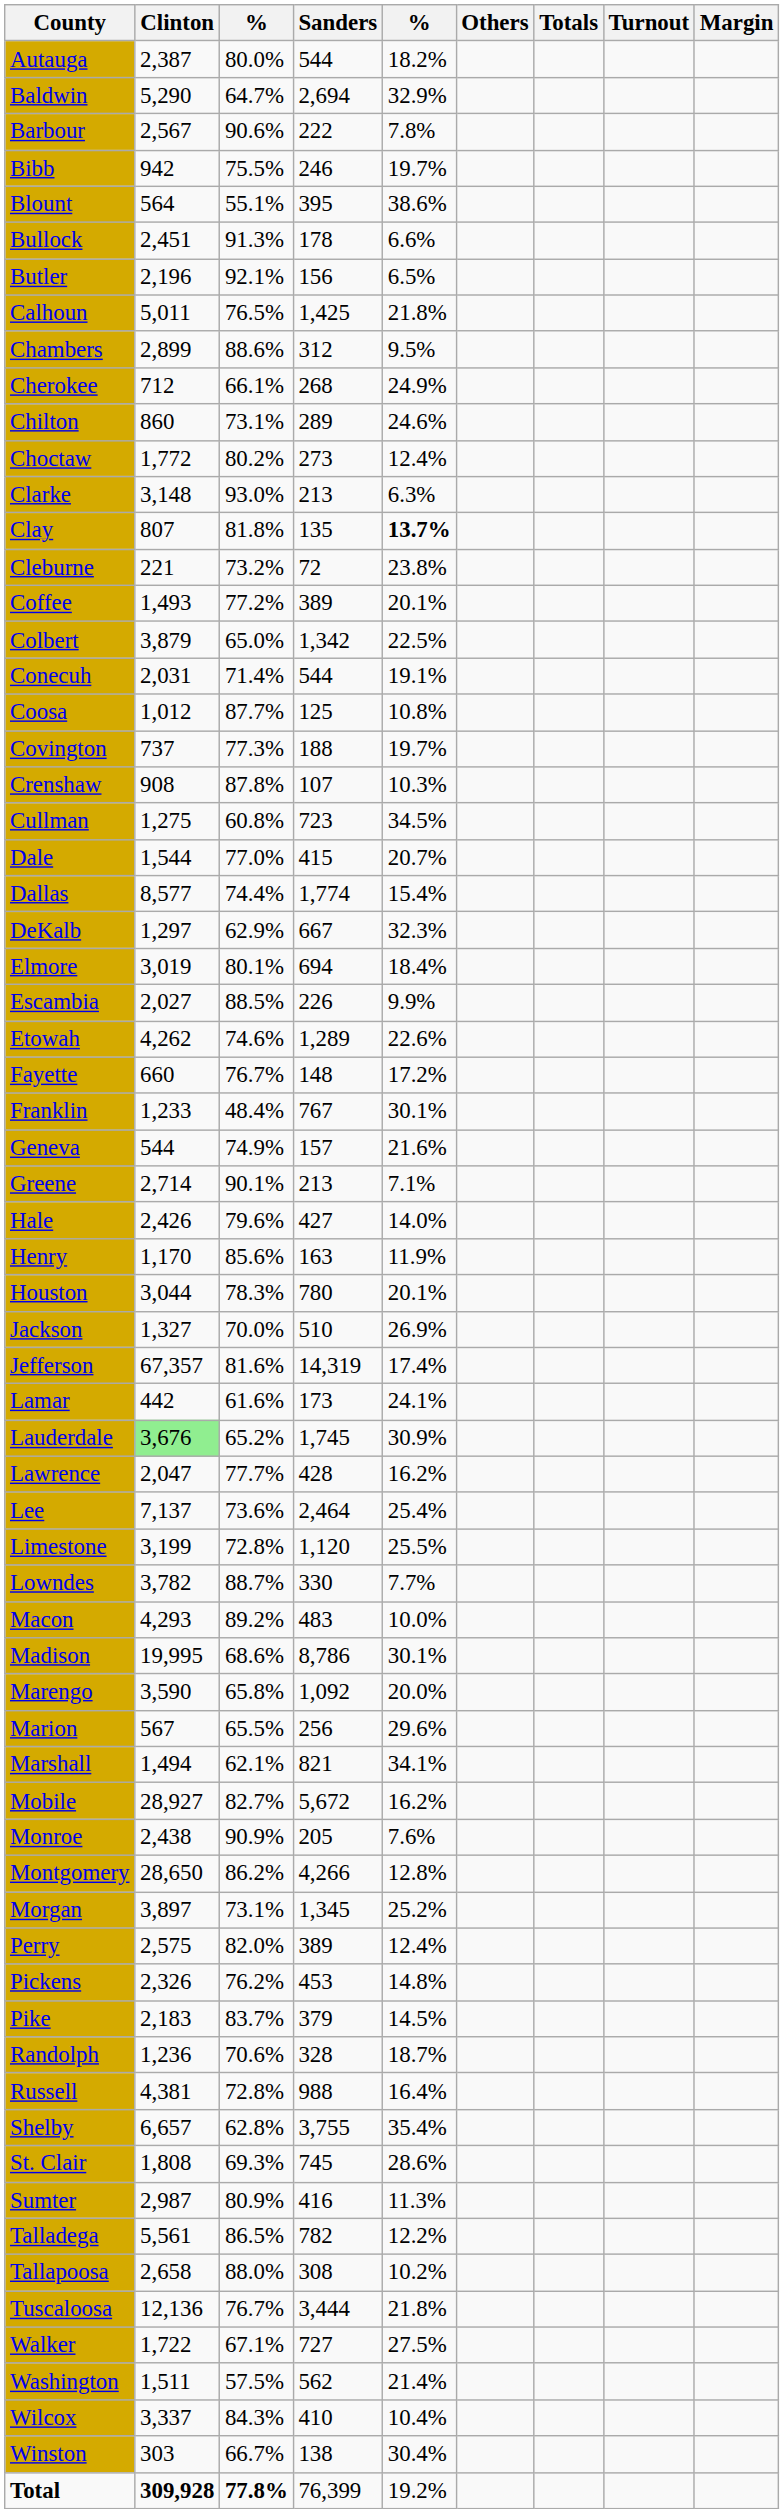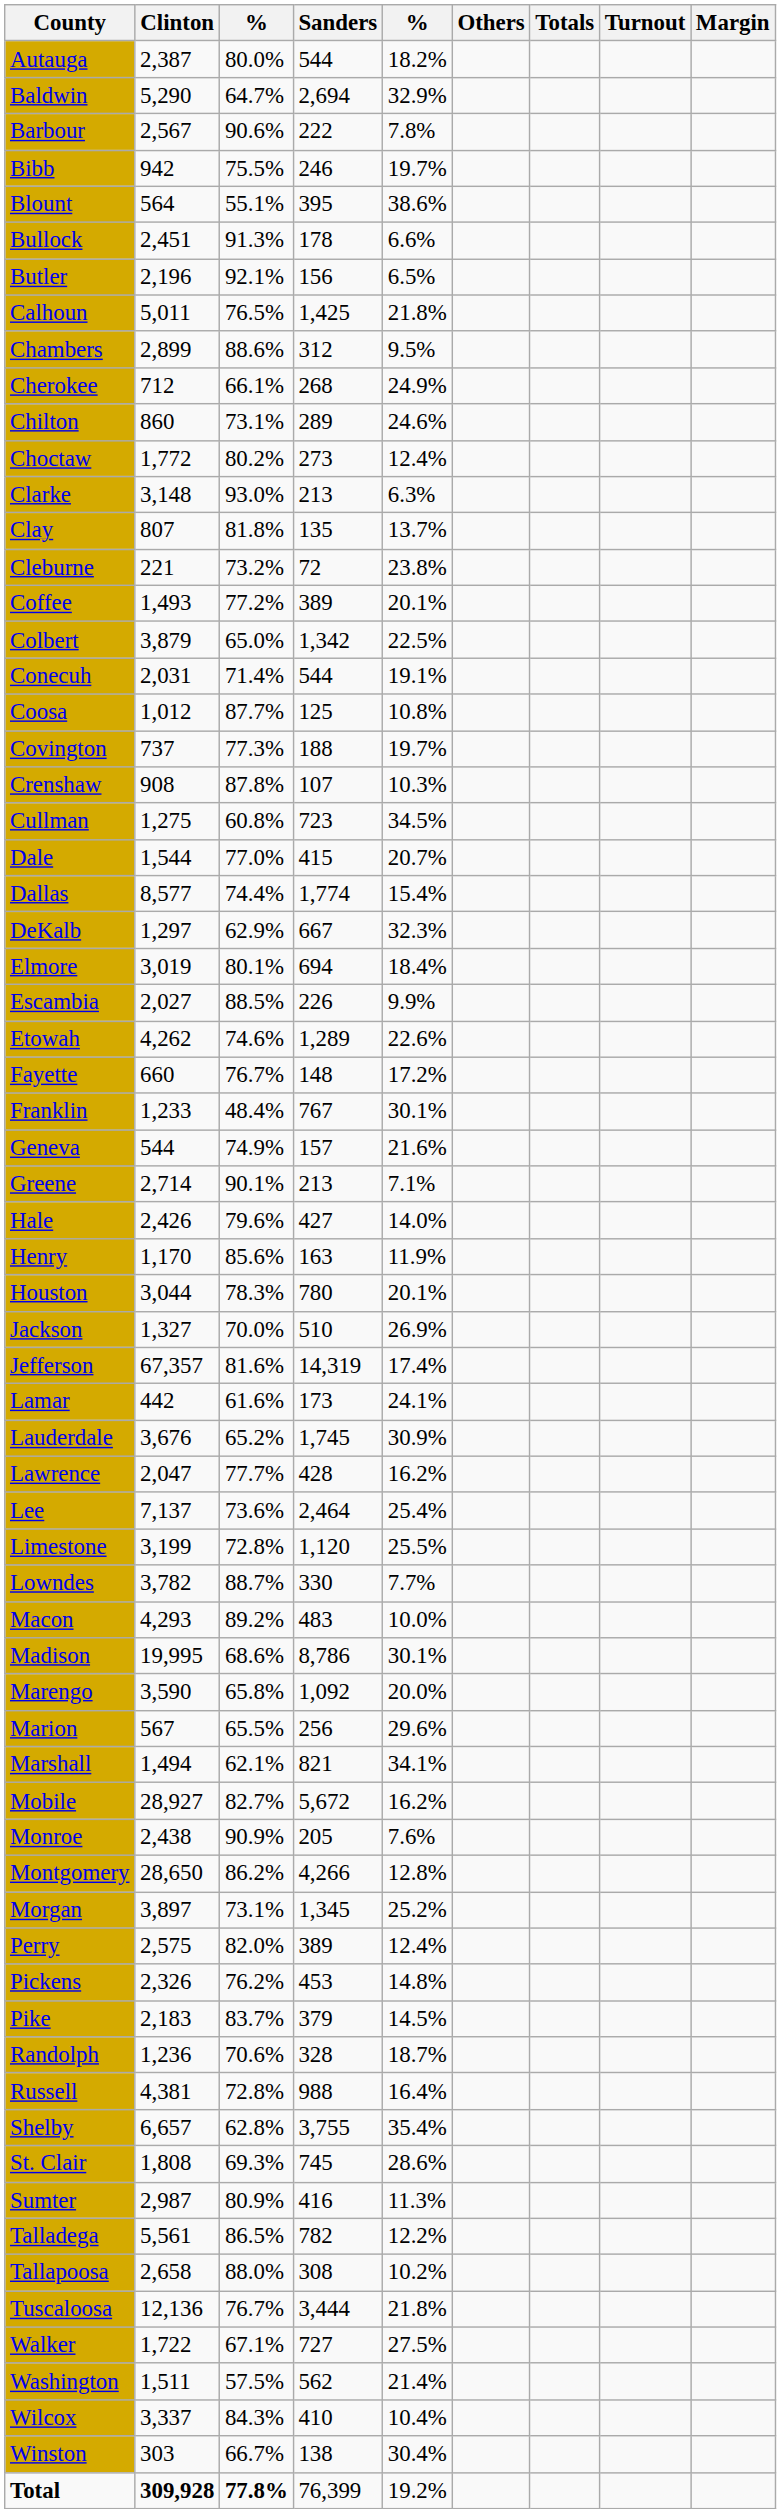 <table width="60%" class="wikitable sortable">
 <tr>
 <th width="11%">County</th>
 <th width="10%">Clinton</th>
 <th width="10%">%</th>
 <th width="10%">Sanders</th>
 <th width="10%">%</th>
 <th>Others</th>
 <th>Totals</th>
 <th>Turnout</th>
 <th>Margin</th>
 </tr>
 <tr>
 <td style="background:#D4AA00;"><a href='#'>Autauga</a></td>
 <td>2,387</td>
 <td>80.0%</td>
 <td>544</td>
 <td>18.2%</td>
 <td></td>
 <td></td>
 <td></td>
 <td></td>
 </tr>
 <tr>
 <td style="background:#D4AA00;"><a href='#'>Baldwin</a></td>
 <td>5,290</td>
 <td>64.7%</td>
 <td>2,694</td>
 <td>32.9%</td>
 <td></td>
 <td></td>
 <td></td>
 <td></td>
 </tr>
 <tr>
 <td style="background:#D4AA00;"><a href='#'>Barbour</a></td>
 <td>2,567</td>
 <td>90.6%</td>
 <td>222</td>
 <td>7.8%</td>
 <td></td>
 <td></td>
 <td></td>
 <td></td>
 </tr>
 <tr>
 <td style="background:#D4AA00;"><a href='#'>Bibb</a></td>
 <td>942</td>
 <td>75.5%</td>
 <td>246</td>
 <td>19.7%</td>
 <td></td>
 <td></td>
 <td></td>
 <td></td>
 </tr>
 <tr>
 <td style="background:#D4AA00;"><a href='#'>Blount</a></td>
 <td>564</td>
 <td>55.1%</td>
 <td>395</td>
 <td>38.6%</td>
 <td></td>
 <td></td>
 <td></td>
 <td></td>
 </tr>
 <tr>
 <td style="background:#D4AA00;"><a href='#'>Bullock</a></td>
 <td>2,451</td>
 <td>91.3%</td>
 <td>178</td>
 <td>6.6%</td>
 <td></td>
 <td></td>
 <td></td>
 <td></td>
 </tr>
 <tr>
 <td style="background:#D4AA00;"><a href='#'>Butler</a></td>
 <td>2,196</td>
 <td>92.1%</td>
 <td>156</td>
 <td>6.5%</td>
 <td></td>
 <td></td>
 <td></td>
 <td></td>
 </tr>
 <tr>
 <td style="background:#D4AA00;"><a href='#'>Calhoun</a></td>
 <td>5,011</td>
 <td>76.5%</td>
 <td>1,425</td>
 <td>21.8%</td>
 <td></td>
 <td></td>
 <td></td>
 <td></td>
 </tr>
 <tr>
 <td style="background:#D4AA00;"><a href='#'>Chambers</a></td>
 <td>2,899</td>
 <td>88.6%</td>
 <td>312</td>
 <td>9.5%</td>
 <td></td>
 <td></td>
 <td></td>
 <td></td>
 </tr>
 <tr>
 <td style="background:#D4AA00;"><a href='#'>Cherokee</a></td>
 <td>712</td>
 <td>66.1%</td>
 <td>268</td>
 <td>24.9%</td>
 <td></td>
 <td></td>
 <td></td>
 <td></td>
 </tr>
 <tr>
 <td style="background:#D4AA00;"><a href='#'>Chilton</a></td>
 <td>860</td>
 <td>73.1%</td>
 <td>289</td>
 <td>24.6%</td>
 <td></td>
 <td></td>
 <td></td>
 <td></td>
 </tr>
 <tr>
 <td style="background:#D4AA00;"><a href='#'>Choctaw</a></td>
 <td>1,772</td>
 <td>80.2%</td>
 <td>273</td>
 <td>12.4%</td>
 <td></td>
 <td></td>
 <td></td>
 <td></td>
 </tr>
 <tr>
 <td style="background:#D4AA00;"><a href='#'>Clarke</a></td>
 <td>3,148</td>
 <td>93.0%</td>
 <td>213</td>
 <td>6.3%</td>
 <td></td>
 <td></td>
 <td></td>
 <td></td>
 </tr>
 <tr>
 <td style="background:#D4AA00;"><a href='#'>Clay</a></td>
 <td>807</td>
 <td>81.8%</td>
 <td>135</td>
-<td><strong>13.7%</strong></td>
+<td>13.7%</td>
 <td></td>
 <td></td>
 <td></td>
 <td></td>
 </tr>
 <tr>
 <td style="background:#D4AA00;"><a href='#'>Cleburne</a></td>
 <td>221</td>
 <td>73.2%</td>
 <td>72</td>
 <td>23.8%</td>
 <td></td>
 <td></td>
 <td></td>
 <td></td>
 </tr>
 <tr>
 <td style="background:#D4AA00;"><a href='#'>Coffee</a></td>
 <td>1,493</td>
 <td>77.2%</td>
 <td>389</td>
 <td>20.1%</td>
 <td></td>
 <td></td>
 <td></td>
 <td></td>
 </tr>
 <tr>
 <td style="background:#D4AA00;"><a href='#'>Colbert</a></td>
 <td>3,879</td>
 <td>65.0%</td>
 <td>1,342</td>
 <td>22.5%</td>
 <td></td>
 <td></td>
 <td></td>
 <td></td>
 </tr>
 <tr>
 <td style="background:#D4AA00;"><a href='#'>Conecuh</a></td>
 <td>2,031</td>
 <td>71.4%</td>
 <td>544</td>
 <td>19.1%</td>
 <td></td>
 <td></td>
 <td></td>
 <td></td>
 </tr>
 <tr>
 <td style="background:#D4AA00;"><a href='#'>Coosa</a></td>
 <td>1,012</td>
 <td>87.7%</td>
 <td>125</td>
 <td>10.8%</td>
 <td></td>
 <td></td>
 <td></td>
 <td></td>
 </tr>
 <tr>
 <td style="background:#D4AA00;"><a href='#'>Covington</a></td>
 <td>737</td>
 <td>77.3%</td>
 <td>188</td>
 <td>19.7%</td>
 <td></td>
 <td></td>
 <td></td>
 <td></td>
 </tr>
 <tr>
 <td style="background:#D4AA00;"><a href='#'>Crenshaw</a></td>
 <td>908</td>
 <td>87.8%</td>
 <td>107</td>
 <td>10.3%</td>
 <td></td>
 <td></td>
 <td></td>
 <td></td>
 </tr>
 <tr>
 <td style="background:#D4AA00;"><a href='#'>Cullman</a></td>
 <td>1,275</td>
 <td>60.8%</td>
 <td>723</td>
 <td>34.5%</td>
 <td></td>
 <td></td>
 <td></td>
 <td></td>
 </tr>
 <tr>
 <td style="background:#D4AA00;"><a href='#'>Dale</a></td>
 <td>1,544</td>
 <td>77.0%</td>
 <td>415</td>
 <td>20.7%</td>
 <td></td>
 <td></td>
 <td></td>
 <td></td>
 </tr>
 <tr>
 <td style="background:#D4AA00;"><a href='#'>Dallas</a></td>
 <td>8,577</td>
 <td>74.4%</td>
 <td>1,774</td>
 <td>15.4%</td>
 <td></td>
 <td></td>
 <td></td>
 <td></td>
 </tr>
 <tr>
 <td style="background:#D4AA00;"><a href='#'>DeKalb</a></td>
 <td>1,297</td>
 <td>62.9%</td>
 <td>667</td>
 <td>32.3%</td>
 <td></td>
 <td></td>
 <td></td>
 <td></td>
 </tr>
 <tr>
 <td style="background:#D4AA00;"><a href='#'>Elmore</a></td>
 <td>3,019</td>
 <td>80.1%</td>
 <td>694</td>
 <td>18.4%</td>
 <td></td>
 <td></td>
 <td></td>
 <td></td>
 </tr>
 <tr>
 <td style="background:#D4AA00;"><a href='#'>Escambia</a></td>
 <td>2,027</td>
 <td>88.5%</td>
 <td>226</td>
 <td>9.9%</td>
 <td></td>
 <td></td>
 <td></td>
 <td></td>
 </tr>
 <tr>
 <td style="background:#D4AA00;"><a href='#'>Etowah</a></td>
 <td>4,262</td>
 <td>74.6%</td>
 <td>1,289</td>
 <td>22.6%</td>
 <td></td>
 <td></td>
 <td></td>
 <td></td>
 </tr>
 <tr>
 <td style="background:#D4AA00;"><a href='#'>Fayette</a></td>
 <td>660</td>
 <td>76.7%</td>
 <td>148</td>
 <td>17.2%</td>
 <td></td>
 <td></td>
 <td></td>
 <td></td>
 </tr>
 <tr>
 <td style="background:#D4AA00;"><a href='#'>Franklin</a></td>
 <td>1,233</td>
 <td>48.4%</td>
 <td>767</td>
 <td>30.1%</td>
 <td></td>
 <td></td>
 <td></td>
 <td></td>
 </tr>
 <tr>
 <td style="background:#D4AA00;"><a href='#'>Geneva</a></td>
 <td>544</td>
 <td>74.9%</td>
 <td>157</td>
 <td>21.6%</td>
 <td></td>
 <td></td>
 <td></td>
 <td></td>
 </tr>
 <tr>
 <td style="background:#D4AA00;"><a href='#'>Greene</a></td>
 <td>2,714</td>
 <td>90.1%</td>
 <td>213</td>
 <td>7.1%</td>
 <td></td>
 <td></td>
 <td></td>
 <td></td>
 </tr>
 <tr>
 <td style="background:#D4AA00;"><a href='#'>Hale</a></td>
 <td>2,426</td>
 <td>79.6%</td>
 <td>427</td>
 <td>14.0%</td>
 <td></td>
 <td></td>
 <td></td>
 <td></td>
 </tr>
 <tr>
 <td style="background:#D4AA00;"><a href='#'>Henry</a></td>
 <td>1,170</td>
 <td>85.6%</td>
 <td>163</td>
 <td>11.9%</td>
 <td></td>
 <td></td>
 <td></td>
 <td></td>
 </tr>
 <tr>
 <td style="background:#D4AA00;"><a href='#'>Houston</a></td>
 <td>3,044</td>
 <td>78.3%</td>
 <td>780</td>
 <td>20.1%</td>
 <td></td>
 <td></td>
 <td></td>
 <td></td>
 </tr>
 <tr>
 <td style="background:#D4AA00;"><a href='#'>Jackson</a></td>
 <td>1,327</td>
 <td>70.0%</td>
 <td>510</td>
 <td>26.9%</td>
 <td></td>
 <td></td>
 <td></td>
 <td></td>
 </tr>
 <tr>
 <td style="background:#D4AA00;"><a href='#'>Jefferson</a></td>
 <td>67,357</td>
 <td>81.6%</td>
 <td>14,319</td>
 <td>17.4%</td>
 <td></td>
 <td></td>
 <td></td>
 <td></td>
 </tr>
 <tr>
 <td style="background:#D4AA00;"><a href='#'>Lamar</a></td>
 <td>442</td>
 <td>61.6%</td>
 <td>173</td>
 <td>24.1%</td>
 <td></td>
 <td></td>
 <td></td>
 <td></td>
 </tr>
 <tr>
 <td style="background:#D4AA00;"><a href='#'>Lauderdale</a></td>
-<td style="background: lightgreen;">3,676</td>
+<td>3,676</td>
 <td>65.2%</td>
 <td>1,745</td>
 <td>30.9%</td>
 <td></td>
 <td></td>
 <td></td>
 <td></td>
 </tr>
 <tr>
 <td style="background:#D4AA00;"><a href='#'>Lawrence</a></td>
 <td>2,047</td>
 <td>77.7%</td>
 <td>428</td>
 <td>16.2%</td>
 <td></td>
 <td></td>
 <td></td>
 <td></td>
 </tr>
 <tr>
 <td style="background:#D4AA00;"><a href='#'>Lee</a></td>
 <td>7,137</td>
 <td>73.6%</td>
 <td>2,464</td>
 <td>25.4%</td>
 <td></td>
 <td></td>
 <td></td>
 <td></td>
 </tr>
 <tr>
 <td style="background:#D4AA00;"><a href='#'>Limestone</a></td>
 <td>3,199</td>
 <td>72.8%</td>
 <td>1,120</td>
 <td>25.5%</td>
 <td></td>
 <td></td>
 <td></td>
 <td></td>
 </tr>
 <tr>
 <td style="background:#D4AA00;"><a href='#'>Lowndes</a></td>
 <td>3,782</td>
 <td>88.7%</td>
 <td>330</td>
 <td>7.7%</td>
 <td></td>
 <td></td>
 <td></td>
 <td></td>
 </tr>
 <tr>
 <td style="background:#D4AA00;"><a href='#'>Macon</a></td>
 <td>4,293</td>
 <td>89.2%</td>
 <td>483</td>
 <td>10.0%</td>
 <td></td>
 <td></td>
 <td></td>
 <td></td>
 </tr>
 <tr>
 <td style="background:#D4AA00;"><a href='#'>Madison</a></td>
 <td>19,995</td>
 <td>68.6%</td>
 <td>8,786</td>
 <td>30.1%</td>
 <td></td>
 <td></td>
 <td></td>
 <td></td>
 </tr>
 <tr>
 <td style="background:#D4AA00;"><a href='#'>Marengo</a></td>
 <td>3,590</td>
 <td>65.8%</td>
 <td>1,092</td>
 <td>20.0%</td>
 <td></td>
 <td></td>
 <td></td>
 <td></td>
 </tr>
 <tr>
 <td style="background:#D4AA00;"><a href='#'>Marion</a></td>
 <td>567</td>
 <td>65.5%</td>
 <td>256</td>
 <td>29.6%</td>
 <td></td>
 <td></td>
 <td></td>
 <td></td>
 </tr>
 <tr>
 <td style="background:#D4AA00;"><a href='#'>Marshall</a></td>
 <td>1,494</td>
 <td>62.1%</td>
 <td>821</td>
 <td>34.1%</td>
 <td></td>
 <td></td>
 <td></td>
 <td></td>
 </tr>
 <tr>
 <td style="background:#D4AA00;"><a href='#'>Mobile</a></td>
 <td>28,927</td>
 <td>82.7%</td>
 <td>5,672</td>
 <td>16.2%</td>
 <td></td>
 <td></td>
 <td></td>
 <td></td>
 </tr>
 <tr>
 <td style="background:#D4AA00;"><a href='#'>Monroe</a></td>
 <td>2,438</td>
 <td>90.9%</td>
 <td>205</td>
 <td>7.6%</td>
 <td></td>
 <td></td>
 <td></td>
 <td></td>
 </tr>
 <tr>
 <td style="background:#D4AA00;"><a href='#'>Montgomery</a></td>
 <td>28,650</td>
 <td>86.2%</td>
 <td>4,266</td>
 <td>12.8%</td>
 <td></td>
 <td></td>
 <td></td>
 <td></td>
 </tr>
 <tr>
 <td style="background:#D4AA00;"><a href='#'>Morgan</a></td>
 <td>3,897</td>
 <td>73.1%</td>
 <td>1,345</td>
 <td>25.2%</td>
 <td></td>
 <td></td>
 <td></td>
 <td></td>
 </tr>
 <tr>
 <td style="background:#D4AA00;"><a href='#'>Perry</a></td>
 <td>2,575</td>
 <td>82.0%</td>
 <td>389</td>
 <td>12.4%</td>
 <td></td>
 <td></td>
 <td></td>
 <td></td>
 </tr>
 <tr>
 <td style="background:#D4AA00;"><a href='#'>Pickens</a></td>
 <td>2,326</td>
 <td>76.2%</td>
 <td>453</td>
 <td>14.8%</td>
 <td></td>
 <td></td>
 <td></td>
 <td></td>
 </tr>
 <tr>
 <td style="background:#D4AA00;"><a href='#'>Pike</a></td>
 <td>2,183</td>
 <td>83.7%</td>
 <td>379</td>
 <td>14.5%</td>
 <td></td>
 <td></td>
 <td></td>
 <td></td>
 </tr>
 <tr>
 <td style="background:#D4AA00;"><a href='#'>Randolph</a></td>
 <td>1,236</td>
 <td>70.6%</td>
 <td>328</td>
 <td>18.7%</td>
 <td></td>
 <td></td>
 <td></td>
 <td></td>
 </tr>
 <tr>
 <td style="background:#D4AA00;"><a href='#'>Russell</a></td>
 <td>4,381</td>
 <td>72.8%</td>
 <td>988</td>
 <td>16.4%</td>
 <td></td>
 <td></td>
 <td></td>
 <td></td>
 </tr>
 <tr>
 <td style="background:#D4AA00;"><a href='#'>Shelby</a></td>
 <td>6,657</td>
 <td>62.8%</td>
 <td>3,755</td>
 <td>35.4%</td>
 <td></td>
 <td></td>
 <td></td>
 <td></td>
 </tr>
 <tr>
 <td style="background:#D4AA00;"><a href='#'>St. Clair</a></td>
 <td>1,808</td>
 <td>69.3%</td>
 <td>745</td>
 <td>28.6%</td>
 <td></td>
 <td></td>
 <td></td>
 <td></td>
 </tr>
 <tr>
 <td style="background:#D4AA00;"><a href='#'>Sumter</a></td>
 <td>2,987</td>
 <td>80.9%</td>
 <td>416</td>
 <td>11.3%</td>
 <td></td>
 <td></td>
 <td></td>
 <td></td>
 </tr>
 <tr>
 <td style="background:#D4AA00;"><a href='#'>Talladega</a></td>
 <td>5,561</td>
 <td>86.5%</td>
 <td>782</td>
 <td>12.2%</td>
 <td></td>
 <td></td>
 <td></td>
 <td></td>
 </tr>
 <tr>
 <td style="background:#D4AA00;"><a href='#'>Tallapoosa</a></td>
 <td>2,658</td>
 <td>88.0%</td>
 <td>308</td>
 <td>10.2%</td>
 <td></td>
 <td></td>
 <td></td>
 <td></td>
 </tr>
 <tr>
 <td style="background:#D4AA00;"><a href='#'>Tuscaloosa</a></td>
 <td>12,136</td>
 <td>76.7%</td>
 <td>3,444</td>
 <td>21.8%</td>
 <td></td>
 <td></td>
 <td></td>
 <td></td>
 </tr>
 <tr>
 <td style="background:#D4AA00;"><a href='#'>Walker</a></td>
 <td>1,722</td>
 <td>67.1%</td>
 <td>727</td>
 <td>27.5%</td>
 <td></td>
 <td></td>
 <td></td>
 <td></td>
 </tr>
 <tr>
 <td style="background:#D4AA00;"><a href='#'>Washington</a></td>
 <td>1,511</td>
 <td>57.5%</td>
 <td>562</td>
 <td>21.4%</td>
 <td></td>
 <td></td>
 <td></td>
 <td></td>
 </tr>
 <tr>
 <td style="background:#D4AA00;"><a href='#'>Wilcox</a></td>
 <td>3,337</td>
 <td>84.3%</td>
 <td>410</td>
 <td>10.4%</td>
 <td></td>
 <td></td>
 <td></td>
 <td></td>
 </tr>
 <tr>
 <td style="background:#D4AA00;"><a href='#'>Winston</a></td>
 <td>303</td>
 <td>66.7%</td>
 <td>138</td>
 <td>30.4%</td>
 <td></td>
 <td></td>
 <td></td>
 <td></td>
 </tr>
 <tr>
 <td><strong>Total</strong></td>
 <td><strong>309,928</strong></td>
 <td><strong>77.8%</strong></td>
 <td>76,399</td>
 <td>19.2%</td>
 <td></td>
 <td></td>
 <td></td>
 <td></td>
 </tr>
 </table>
